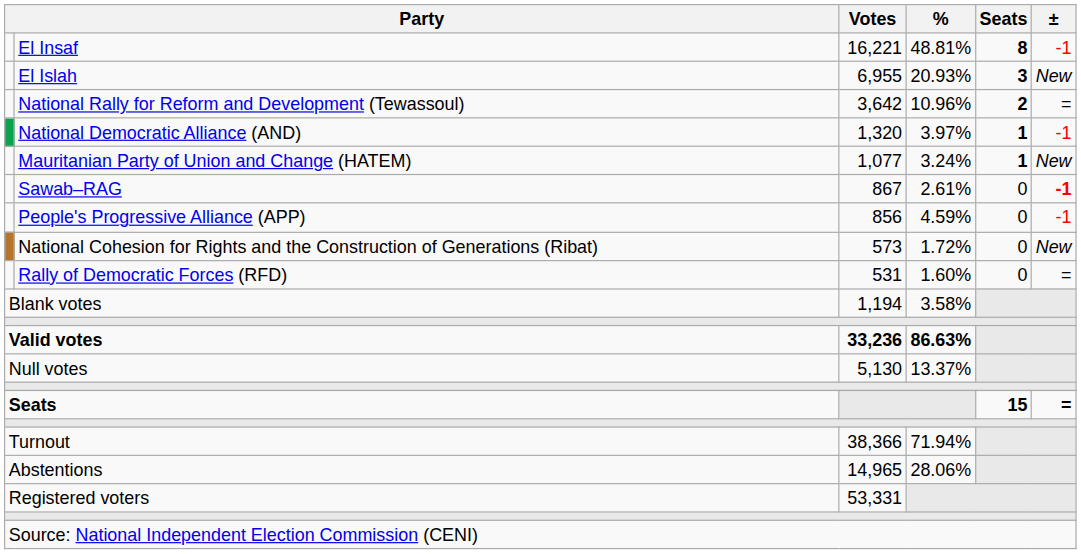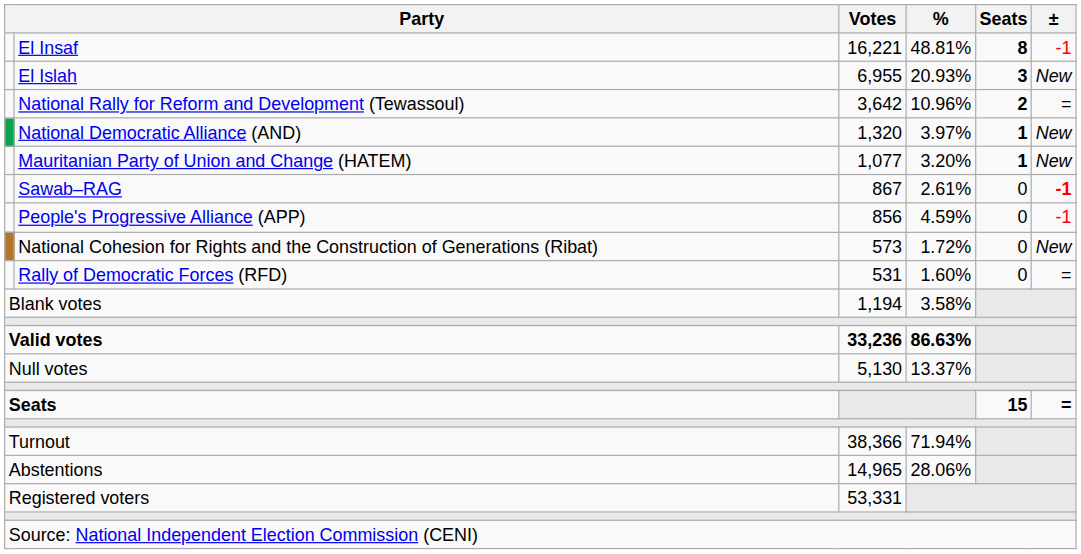 <table class="wikitable" style="text-align:right;font-size:95%;">
 <tr>
 <th width="700" colspan="2">Party</th>
 <th width="50">Votes</th>
 <th width="50">%</th>
 <th width="25">Seats</th>
 <th width="20">±</th>
 </tr>
 <tr>
 <td width="1" style="color:inherit;background:"></td>
 <td style="text-align:left;"><a href='#'>El Insaf</a></td>
 <td>16,221</td>
 <td>48.81%</td>
 <td><strong>8</strong></td>
 <td style="color:red;">-1</td>
 </tr>
 <tr>
 <td width="1" style="color:inherit;background:"></td>
 <td style="text-align:left;"><a href='#'>El Islah</a></td>
 <td>6,955</td>
 <td>20.93%</td>
 <td><strong>3</strong></td>
 <td><em>New</em></td>
 </tr>
 <tr>
 <td width="1" style="color:inherit;background:"></td>
 <td style="text-align:left;"><a href='#'>National Rally for Reform and Development</a> (Tewassoul)</td>
 <td>3,642</td>
 <td>10.96%</td>
 <td><strong>2</strong></td>
 <td>=</td>
 </tr>
 <tr>
 <td width="1" style="color:inherit;background:#0AA450;"></td>
 <td style="text-align:left;"><a href='#'>National Democratic Alliance</a> (AND)</td>
 <td>1,320</td>
 <td>3.97%</td>
 <td><strong>1</strong></td>
-<td style="color:red;">-1</td>
+<td><em>New</em></td>
 </tr>
 <tr>
 <td width="1" style="color:inherit;background:"></td>
 <td style="text-align:left;"><a href='#'>Mauritanian Party of Union and Change</a> (HATEM)</td>
 <td>1,077</td>
-<td>3.24%</td>
+<td>3.20%</td>
 <td><strong>1</strong></td>
 <td><em>New</em></td>
 </tr>
 <tr>
 <td width="1" style="color:inherit;background:"></td>
 <td style="text-align:left;"><a href='#'>Sawab–RAG</a></td>
 <td>867</td>
 <td>2.61%</td>
 <td>0</td>
 <td style="color:red;"><strong>-1</strong></td>
 </tr>
 <tr>
 <td width="1" style="color:inherit;background:"></td>
 <td style="text-align:left;"><a href='#'>People's Progressive Alliance</a> (APP)</td>
 <td>856</td>
 <td>4.59%</td>
 <td>0</td>
 <td style="color:red;">-1</td>
 </tr>
 <tr>
 <td width="1" style="color:inherit;background:#B7752C;"></td>
 <td style="text-align:left;">National Cohesion for Rights and the Construction of Generations (Ribat)</td>
 <td>573</td>
 <td>1.72%</td>
 <td>0</td>
 <td><em>New</em></td>
 </tr>
 <tr>
 <td width="1" style="color:inherit;background:"></td>
 <td style="text-align:left;"><a href='#'>Rally of Democratic Forces</a> (RFD)</td>
 <td>531</td>
 <td>1.60%</td>
 <td>0</td>
 <td>=</td>
 </tr>
 <tr>
 <td colspan="2" style="text-align:left;">Blank votes</td>
 <td>1,194</td>
 <td>3.58%</td>
 <td colspan="2" style="background:#E9E9E9;"></td>
 </tr>
 <tr>
 <td colspan="6" style="background:#E9E9E9;"></td>
 </tr>
 <tr style="font-weight:bold;">
 <td colspan="2" style="text-align:left;">Valid votes</td>
 <td>33,236</td>
 <td>86.63%</td>
 <td colspan="2" style="background:#E9E9E9;"></td>
 </tr>
 <tr>
 <td colspan="2" style="text-align:left;">Null votes</td>
 <td>5,130</td>
 <td>13.37%</td>
 <td colspan="2" style="background:#E9E9E9;"></td>
 </tr>
 <tr>
 <td colspan="6" style="background:#E9E9E9;"></td>
 </tr>
 <tr>
 </tr>
 <tr style="font-weight:bold;">
 <td colspan="2" style="text-align:left;">Seats</td>
 <td colspan="2" style="background:#E9E9E9;"></td>
 <td>15</td>
 <td>=</td>
 </tr>
 <tr>
 <td colspan="6" style="background:#E9E9E9;"></td>
 </tr>
 <tr>
 <td colspan="2" style="text-align:left;">Turnout</td>
 <td>38,366</td>
 <td>71.94%</td>
 <td colspan="2" style="background:#E9E9E9;"></td>
 </tr>
 <tr>
 <td colspan="2" style="text-align:left;">Abstentions</td>
 <td>14,965</td>
 <td>28.06%</td>
 <td colspan="2" style="background:#E9E9E9;"></td>
 </tr>
 <tr>
 <td colspan="2" style="text-align:left;">Registered voters</td>
 <td>53,331</td>
 <td colspan="3" style="background:#E9E9E9;"></td>
 </tr>
 <tr>
 <td colspan="6" style="background:#E9E9E9;"></td>
 </tr>
 <tr>
 <td colspan="6" style="text-align:left;">Source: <a href='#'>National Independent Election Commission</a> (CENI)</td>
 </tr>
 </table>
